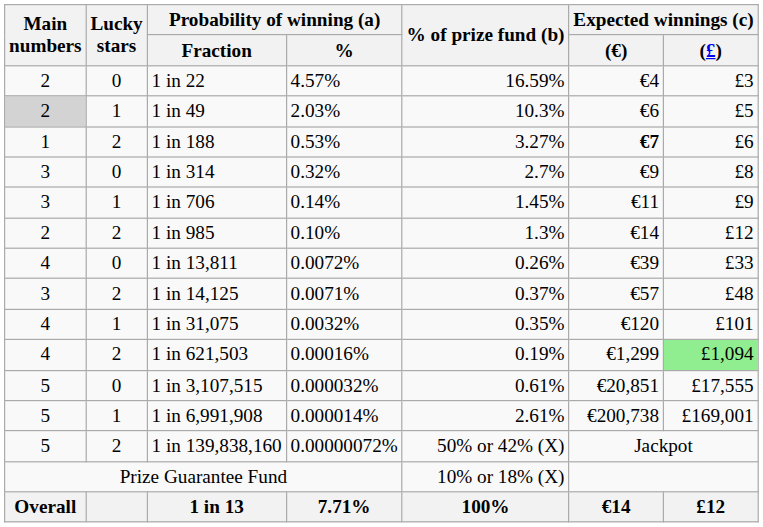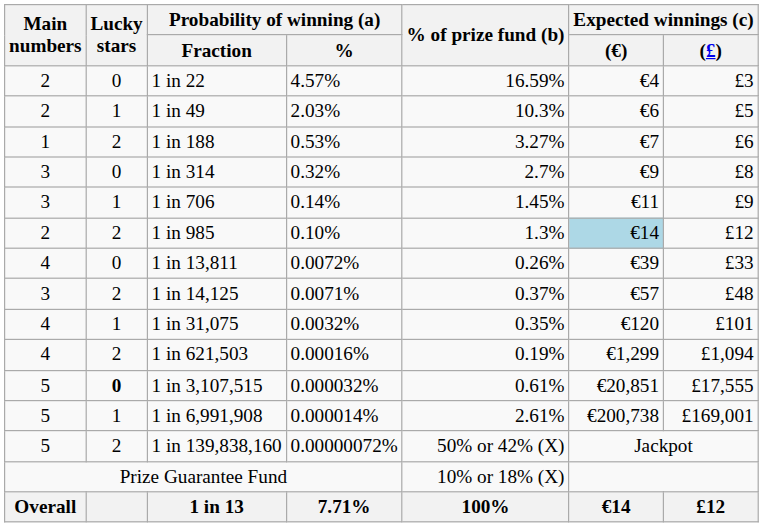 <table class="wikitable" style="text-align:center;">
 <tr>
 <th rowspan=2>Main<br>numbers</th>
 <th rowspan=2>Lucky<br>stars</th>
 <th colspan=2>Probability of winning (a)</th>
 <th rowspan=2>% of prize fund (b)</th>
 <th colspan=2>Expected winnings (c)</th>
 </tr>
 <tr>
 <th>Fraction</th>
 <th>%</th>
 <th>(€)</th>
 <th>(<a href='#'>£</a>)</th>
 </tr>
 <tr>
 <td>2</td>
 <td>0</td>
 <td align=left>1 in 22</td>
 <td align=left>4.57%</td>
 <td align=right>16.59%</td>
 <td align=right>€4</td>
 <td align=right>£3</td>
 </tr>
 <tr>
-<td style="background: lightgrey;">2</td>
+<td>2</td>
 <td>1</td>
 <td align=left>1 in 49</td>
 <td align=left>2.03%</td>
 <td align=right>10.3%</td>
 <td align=right>€6</td>
 <td align=right>£5</td>
 </tr>
 <tr>
 <td>1</td>
 <td>2</td>
 <td align=left>1 in 188</td>
 <td align=left>0.53%</td>
 <td align=right>3.27%</td>
-<td align=right><strong>€7</strong></td>
+<td align=right>€7</td>
 <td align=right>£6</td>
 </tr>
 <tr>
 <td>3</td>
 <td>0</td>
 <td align=left>1 in 314</td>
 <td align=left>0.32%</td>
 <td align=right>2.7%</td>
 <td align=right>€9</td>
 <td align=right>£8</td>
 </tr>
 <tr>
 <td>3</td>
 <td>1</td>
 <td align=left>1 in 706</td>
 <td align=left>0.14%</td>
 <td align=right>1.45%</td>
 <td align=right>€11</td>
 <td align=right>£9</td>
 </tr>
 <tr>
 <td>2</td>
 <td>2</td>
 <td align=left>1 in 985</td>
 <td align=left>0.10%</td>
 <td align=right>1.3%</td>
-<td align=right>€14</td>
+<td align=right style="background: lightblue;">€14</td>
 <td align=right>£12</td>
 </tr>
 <tr>
 <td>4</td>
 <td>0</td>
 <td align=left>1 in 13,811</td>
 <td align=left>0.0072%</td>
 <td align=right>0.26%</td>
 <td align=right>€39</td>
 <td align=right>£33</td>
 </tr>
 <tr>
 <td>3</td>
 <td>2</td>
 <td align=left>1 in 14,125</td>
 <td align=left>0.0071%</td>
 <td align=right>0.37%</td>
 <td align=right>€57</td>
 <td align=right>£48</td>
 </tr>
 <tr>
 <td>4</td>
 <td>1</td>
 <td align=left>1 in 31,075</td>
 <td align=left>0.0032%</td>
 <td align=right>0.35%</td>
 <td align=right>€120</td>
 <td align=right>£101</td>
 </tr>
 <tr>
 <td>4</td>
 <td>2</td>
 <td align=left>1 in 621,503</td>
 <td align=left>0.00016%</td>
 <td align=right>0.19%</td>
 <td align=right>€1,299</td>
-<td align=right style="background: lightgreen;">£1,094</td>
+<td align=right>£1,094</td>
 </tr>
 <tr>
 <td>5</td>
-<td>0</td>
+<td><strong>0</strong></td>
 <td align=left>1 in 3,107,515</td>
 <td align=left>0.000032%</td>
 <td align=right>0.61%</td>
 <td align=right>€20,851</td>
 <td align=right>£17,555</td>
 </tr>
 <tr>
 <td>5</td>
 <td>1</td>
 <td align=left>1 in 6,991,908</td>
 <td align=left>0.000014%</td>
 <td align=right>2.61%</td>
 <td align=right>€200,738</td>
 <td align=right>£169,001</td>
 </tr>
 <tr>
 <td>5</td>
 <td>2</td>
 <td align=left>1 in 139,838,160</td>
 <td align=left>0.00000072%</td>
 <td align=right>50% or 42% (X)</td>
 <td colspan="2">Jackpot</td>
 </tr>
 <tr>
 <td colspan="4">Prize Guarantee Fund</td>
 <td align=right>10% or 18% (X)</td>
 <td colspan="2"></td>
 </tr>
 <tr>
 <th>Overall</th>
 <th></th>
 <th align=left>1 in 13</th>
 <th align=left>7.71%</th>
 <th align=right>100%</th>
 <th align=right>€14</th>
 <th align=right>£12</th>
 </tr>
 </table>
